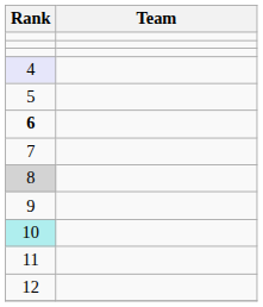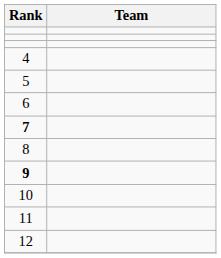 <table class="wikitable" style="text-align: center;">
 <tr>
 <th width=40>Rank</th>
 <th width=180>Team</th>
 </tr>
 <tr align=center>
 <td></td>
 <td style="text-align:left;"></td>
 </tr>
 <tr align=center>
 <td></td>
 <td style="text-align:left;"></td>
 </tr>
 <tr align=center>
 <td></td>
 <td style="text-align:left;"></td>
 </tr>
 <tr align=center>
-<td style="background: lavender;">4</td>
+<td>4</td>
 <td style="text-align:left;"></td>
 </tr>
 <tr align=center>
 <td>5</td>
 <td style="text-align:left;"></td>
 </tr>
 <tr align=center>
-<td><strong>6</strong></td>
+<td>6</td>
 <td style="text-align:left;"></td>
 </tr>
 <tr align=center>
-<td>7</td>
+<td><strong>7</strong></td>
 <td style="text-align:left;"></td>
 </tr>
 <tr align=center>
-<td style="background: lightgrey;">8</td>
+<td>8</td>
 <td style="text-align:left;"></td>
 </tr>
 <tr align=center>
-<td>9</td>
+<td><strong>9</strong></td>
 <td style="text-align:left;"></td>
 </tr>
 <tr align=center>
-<td style="background: paleturquoise;">10</td>
+<td>10</td>
 <td style="text-align:left;"></td>
 </tr>
 <tr align=center>
 <td>11</td>
 <td style="text-align:left;"></td>
 </tr>
 <tr align=center>
 <td>12</td>
 <td style="text-align:left;"></td>
 </tr>
 <tr>
 </tr>
 </table>
